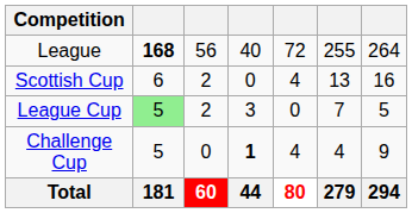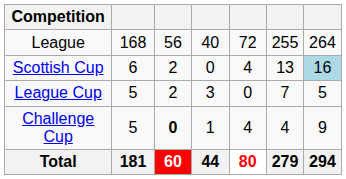 <table class="wikitable" style="text-align:center">
 <tr>
 <th width=100>Competition</th>
 <th width=35></th>
 <th width=30></th>
 <th width=30></th>
 <th width=30></th>
 <th width=30></th>
 <th width=30></th>
 </tr>
 <tr>
 <td>League</td>
-<td><strong>168</strong></td>
+<td>168</td>
 <td>56</td>
 <td>40</td>
 <td>72</td>
 <td>255</td>
 <td>264</td>
 </tr>
 <tr>
 <td><a href='#'>Scottish Cup</a></td>
 <td>6</td>
 <td>2</td>
 <td>0</td>
 <td>4</td>
 <td>13</td>
-<td>16</td>
+<td style="background: lightblue;">16</td>
 </tr>
 <tr>
 <td><a href='#'>League Cup</a></td>
-<td style="background: lightgreen;">5</td>
+<td>5</td>
 <td>2</td>
 <td>3</td>
 <td>0</td>
 <td>7</td>
 <td>5</td>
 </tr>
 <tr>
 <td><a href='#'>Challenge Cup</a></td>
 <td>5</td>
-<td>0</td>
-<td><strong>1</strong></td>
+<td><strong>0</strong></td>
+<td>1</td>
 <td>4</td>
 <td>4</td>
 <td>9</td>
 </tr>
 <tr>
 <th>Total</th>
 <th>181</th>
 <th style="text-align:center; color:white; background:red;">60</th>
 <th>44</th>
 <th style="text-align:center; color:red; background:white;">80</th>
 <th>279</th>
 <th>294</th>
 </tr>
 </table>
